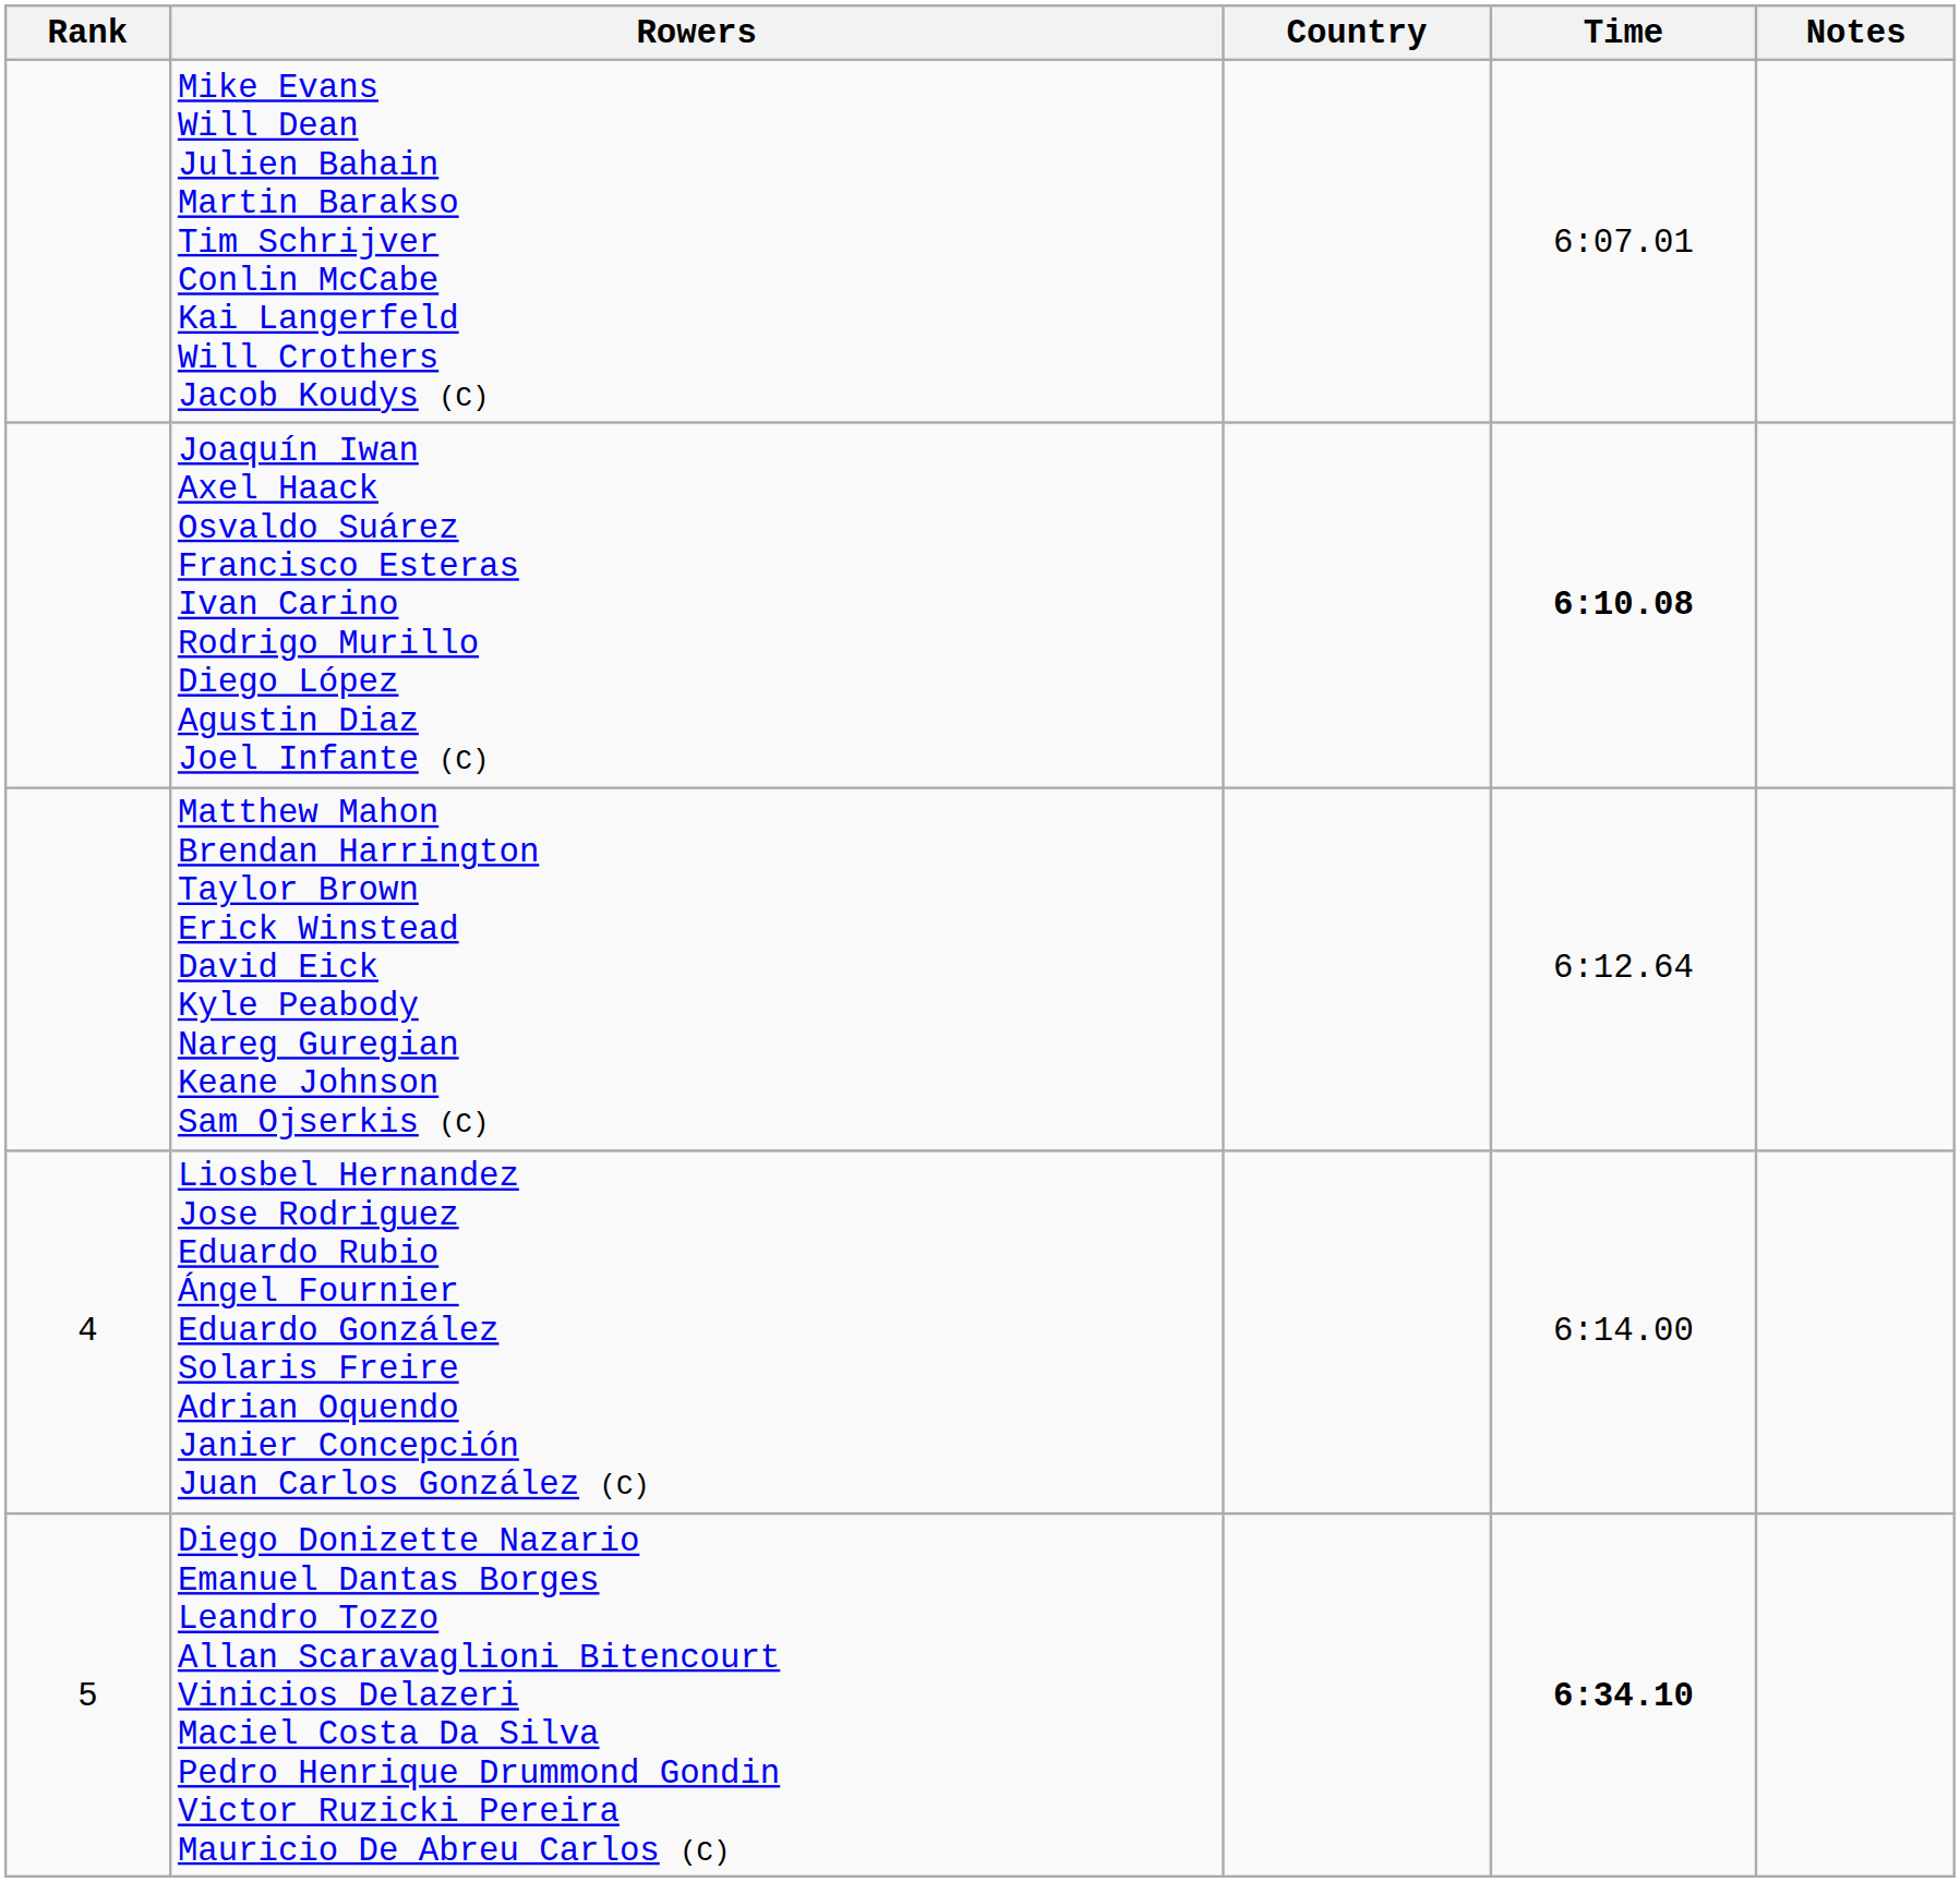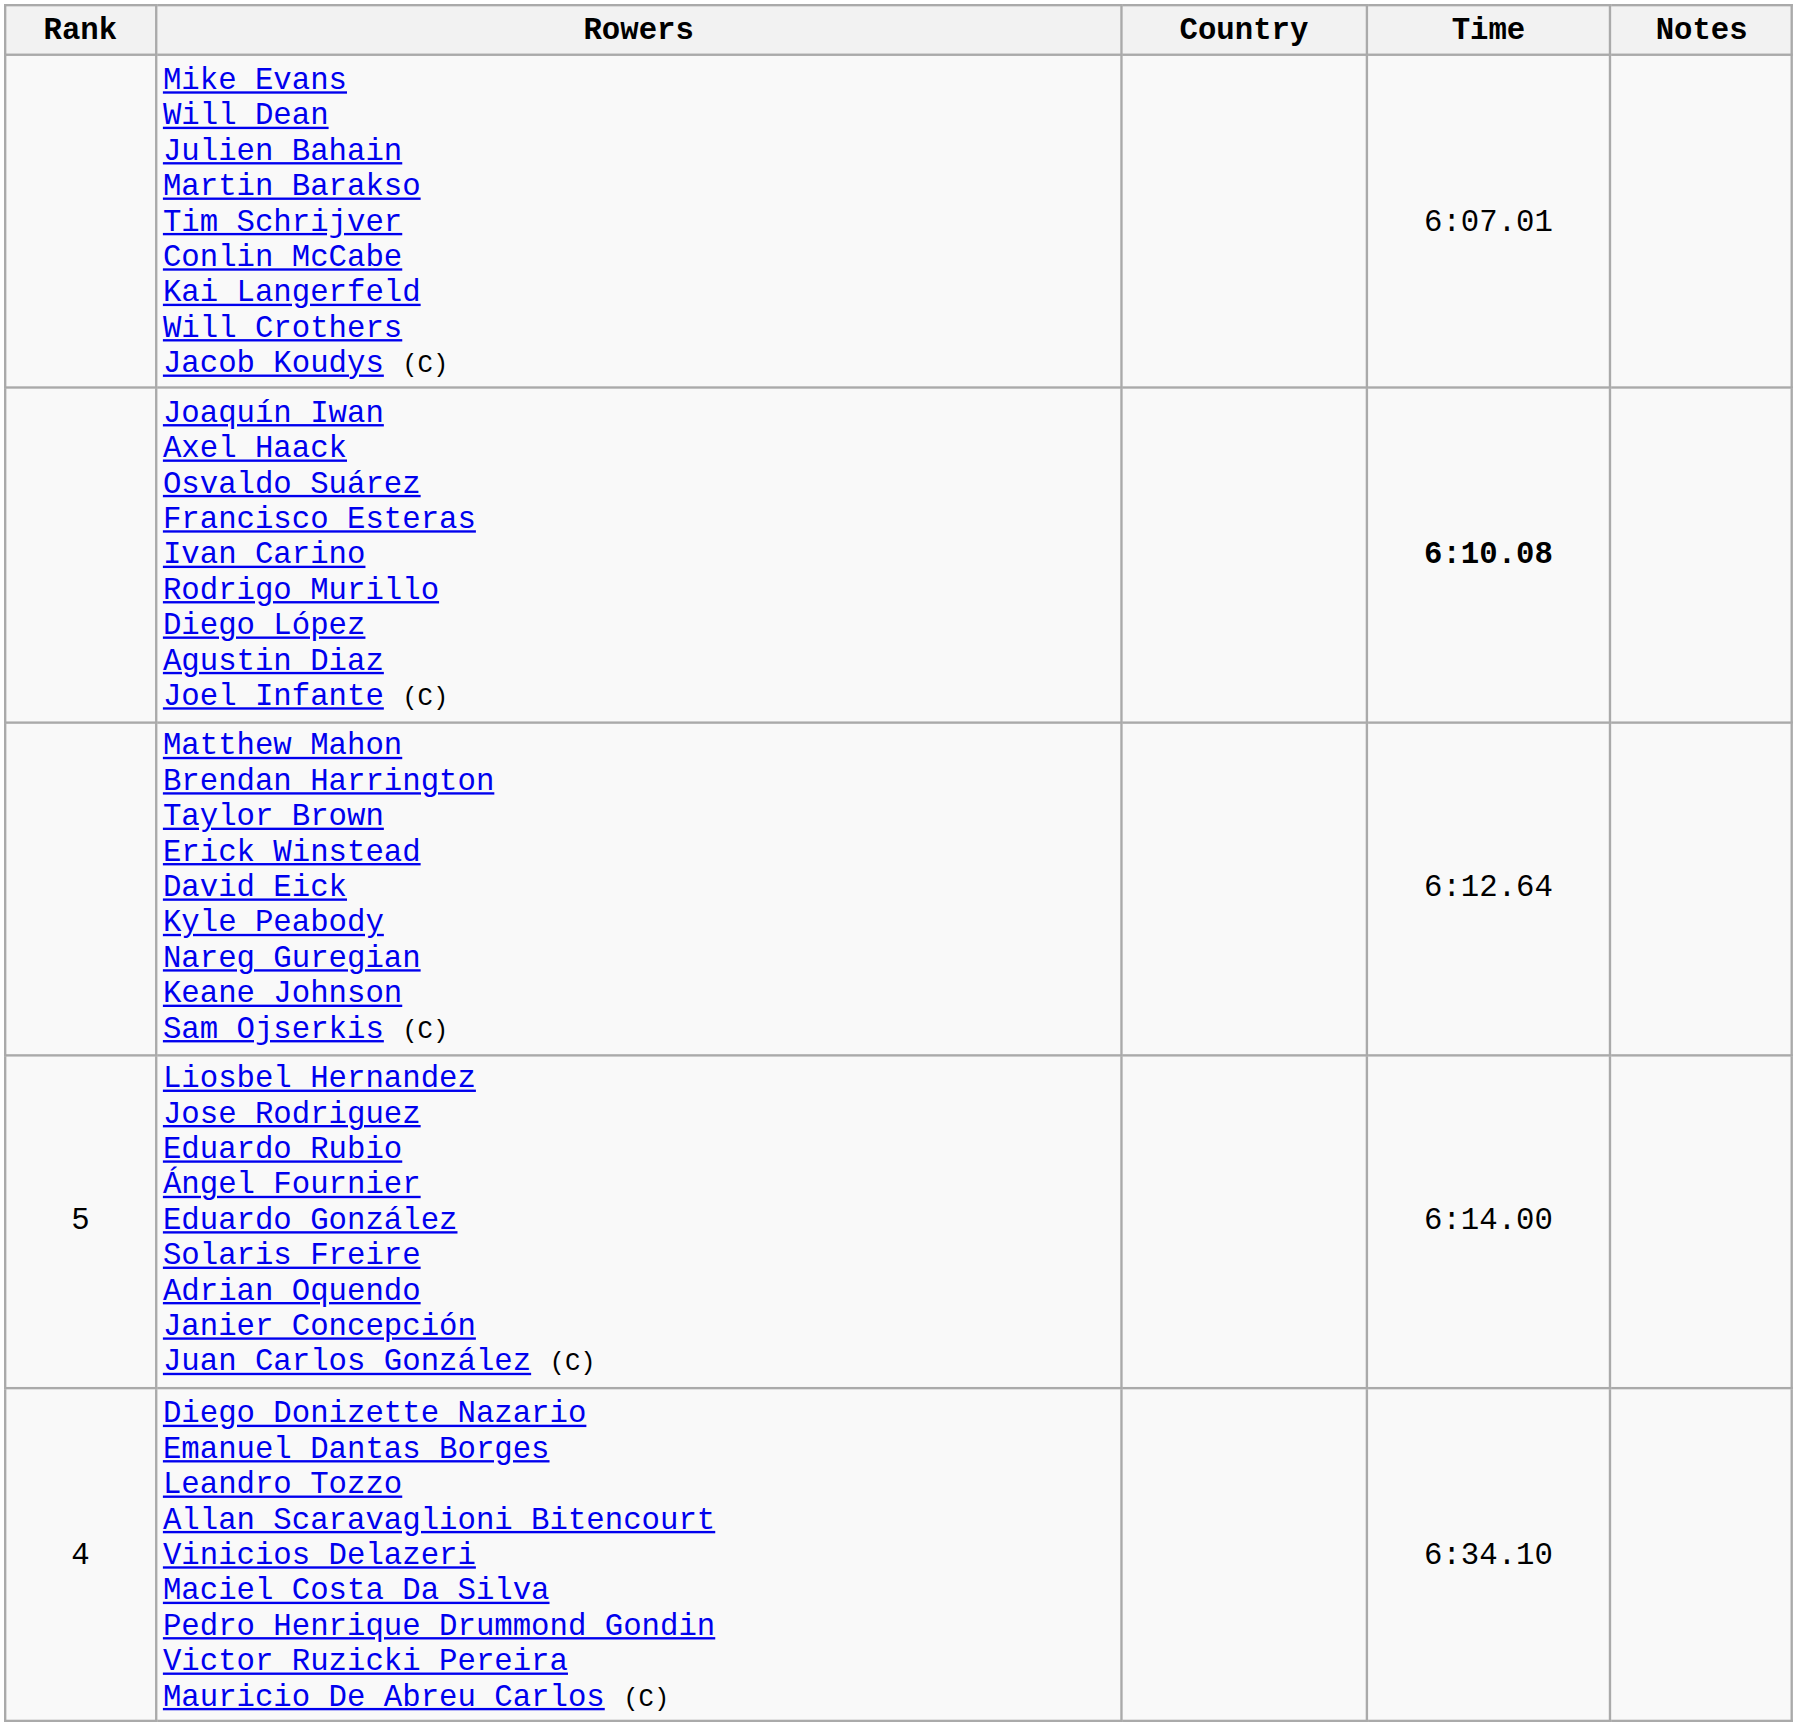 <table class="wikitable" width=60% style="text-align:center">
 <tr>
 <th>Rank</th>
 <th>Rowers</th>
 <th>Country</th>
 <th>Time</th>
 <th>Notes</th>
 </tr>
 <tr>
 <td></td>
 <td align=left><a href='#'>Mike Evans</a><br><a href='#'>Will Dean</a><br><a href='#'>Julien Bahain</a><br><a href='#'>Martin Barakso</a><br><a href='#'>Tim Schrijver</a> <br><a href='#'>Conlin McCabe</a><br><a href='#'>Kai Langerfeld</a><br><a href='#'>Will Crothers</a><br><a href='#'>Jacob Koudys</a> <small>(C)</small></td>
 <td align=left></td>
 <td>6:07.01</td>
 <td></td>
 </tr>
 <tr>
 <td></td>
 <td align=left><a href='#'>Joaquín Iwan</a><br><a href='#'>Axel Haack</a><br><a href='#'>Osvaldo Suárez</a><br><a href='#'>Francisco Esteras</a><br><a href='#'>Ivan Carino</a><br><a href='#'>Rodrigo Murillo</a><br><a href='#'>Diego López</a><br><a href='#'>Agustin Diaz</a><br><a href='#'>Joel Infante</a> <small>(C)</small></td>
 <td align=left></td>
 <td><strong>6:10.08</strong></td>
 <td></td>
 </tr>
 <tr>
 <td></td>
 <td align=left><a href='#'>Matthew Mahon</a><br><a href='#'>Brendan Harrington</a><br><a href='#'>Taylor Brown</a><br><a href='#'>Erick Winstead</a><br><a href='#'>David Eick</a> <br><a href='#'>Kyle Peabody</a><br><a href='#'>Nareg Guregian</a><br><a href='#'>Keane Johnson</a><br><a href='#'>Sam Ojserkis</a> <small>(C)</small></td>
 <td align=left></td>
 <td>6:12.64</td>
 <td></td>
 </tr>
 <tr>
-<td>4</td>
+<td>5</td>
 <td align=left><a href='#'>Liosbel Hernandez</a><br><a href='#'>Jose Rodriguez</a><br><a href='#'>Eduardo Rubio</a><br><a href='#'>Ángel Fournier</a><br><a href='#'>Eduardo González</a><br><a href='#'>Solaris Freire</a><br><a href='#'>Adrian Oquendo</a><br><a href='#'>Janier Concepción</a><br><a href='#'>Juan Carlos González</a> <small>(C)</small></td>
 <td align=left></td>
 <td>6:14.00</td>
 <td></td>
 </tr>
 <tr>
-<td>5</td>
+<td>4</td>
 <td align=left><a href='#'>Diego Donizette Nazario</a><br><a href='#'>Emanuel Dantas Borges</a><br><a href='#'>Leandro Tozzo</a><br><a href='#'>Allan Scaravaglioni Bitencourt</a><br><a href='#'>Vinicios Delazeri</a> <br><a href='#'>Maciel Costa Da Silva</a><br><a href='#'>Pedro Henrique Drummond Gondin</a><br><a href='#'>Victor Ruzicki Pereira</a><br><a href='#'>Mauricio De Abreu Carlos</a> <small>(C)</small></td>
 <td align=left></td>
-<td><strong>6:34.10</strong></td>
+<td>6:34.10</td>
 <td></td>
 </tr>
 </table>
